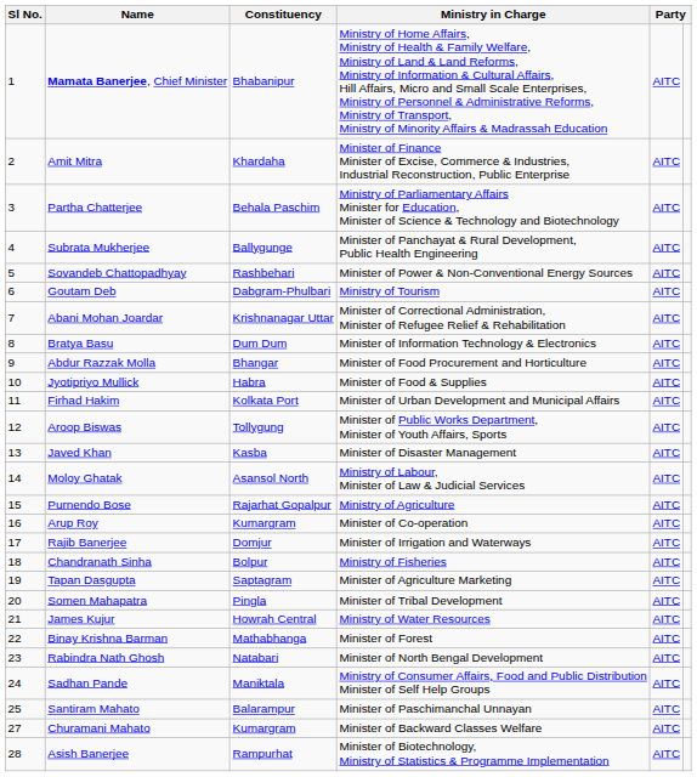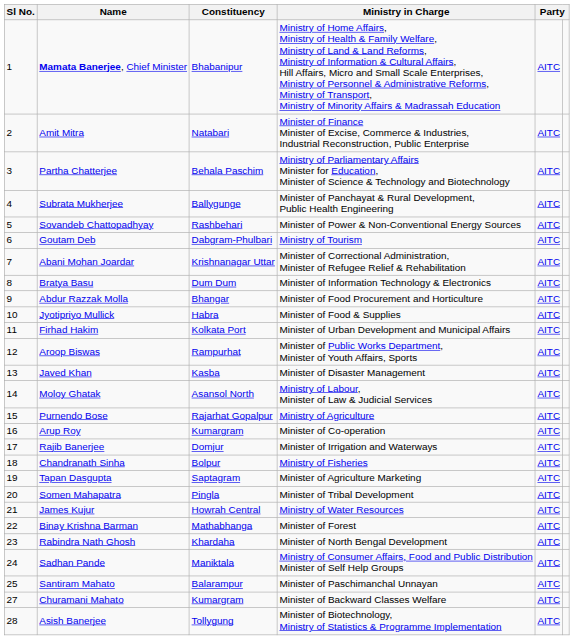 <table class="wikitable">
 <tr>
 <th>Sl No.</th>
 <th>Name</th>
 <th>Constituency</th>
 <th>Ministry in Charge</th>
 <th colspan="2" scope="col">Party</th>
 </tr>
 <tr>
 <td>1</td>
 <td><strong><a href='#'>Mamata Banerjee</a></strong>, <a href='#'>Chief Minister</a></td>
 <td><a href='#'>Bhabanipur</a></td>
 <td><a href='#'>Ministry of Home Affairs</a>,<br> <a href='#'>Ministry of Health & Family Welfare</a>,<br> <a href='#'>Ministry of Land & Land Reforms</a>,<br> <a href='#'>Ministry of Information & Cultural Affairs</a>,<br> Hill Affairs, Micro and Small Scale Enterprises,<br> <a href='#'>Ministry of Personnel & Administrative Reforms</a>,<br> <a href='#'>Ministry of Transport</a>,<br> <a href='#'>Ministry of Minority Affairs & Madrassah Education</a></td>
 <td><a href='#'>AITC</a></td>
 <td width="4px" style="background-color: "></td>
 </tr>
 <tr>
 <td>2</td>
 <td><a href='#'>Amit Mitra</a></td>
-<td><a href='#'>Khardaha</a></td>
+<td><a href='#'>Natabari</a></td>
 <td><a href='#'>Minister of Finance</a><br>Minister of Excise, Commerce & Industries,<br> Industrial Reconstruction, Public Enterprise</td>
 <td><a href='#'>AITC</a></td>
 <td width="4px" style="background-color: "></td>
 </tr>
 <tr>
 <td>3</td>
 <td><a href='#'>Partha Chatterjee</a></td>
 <td><a href='#'>Behala Paschim</a></td>
 <td><a href='#'>Ministry of Parliamentary Affairs</a><br>Minister for <a href='#'>Education</a>,<br>Minister of Science & Technology and Biotechnology</td>
 <td><a href='#'>AITC</a></td>
 <td width="4px" style="background-color: "></td>
 </tr>
 <tr>
 <td>4</td>
 <td><a href='#'>Subrata Mukherjee</a></td>
 <td><a href='#'>Ballygunge</a></td>
 <td>Minister of Panchayat & Rural Development,<br>Public Health Engineering</td>
 <td><a href='#'>AITC</a></td>
 <td width="4px" style="background-color: "></td>
 </tr>
 <tr>
 <td>5</td>
 <td><a href='#'>Sovandeb Chattopadhyay</a></td>
 <td><a href='#'>Rashbehari</a></td>
 <td>Minister of Power & Non-Conventional Energy Sources</td>
 <td><a href='#'>AITC</a></td>
 <td width="4px" style="background-color: "></td>
 </tr>
 <tr>
 <td>6</td>
 <td><a href='#'>Goutam Deb</a></td>
 <td><a href='#'>Dabgram-Phulbari</a></td>
 <td><a href='#'>Ministry of Tourism</a></td>
 <td><a href='#'>AITC</a></td>
 <td width="4px" style="background-color: "></td>
 </tr>
 <tr>
 <td>7</td>
 <td><a href='#'>Abani Mohan Joardar</a></td>
 <td><a href='#'>Krishnanagar Uttar</a></td>
 <td>Minister of Correctional Administration,<br> Minister of Refugee Relief & Rehabilitation</td>
 <td><a href='#'>AITC</a></td>
 <td width="4px" style="background-color: "></td>
 </tr>
 <tr>
 <td>8</td>
 <td><a href='#'>Bratya Basu</a></td>
 <td><a href='#'>Dum Dum</a></td>
 <td>Minister of Information Technology & Electronics</td>
 <td><a href='#'>AITC</a></td>
 <td width="4px" style="background-color: "></td>
 </tr>
 <tr>
 <td>9</td>
 <td><a href='#'>Abdur Razzak Molla</a></td>
 <td><a href='#'>Bhangar</a></td>
 <td>Minister of Food Procurement and Horticulture</td>
 <td><a href='#'>AITC</a></td>
 <td width="4px" style="background-color: "></td>
 </tr>
 <tr>
 <td>10</td>
 <td><a href='#'>Jyotipriyo Mullick</a></td>
 <td><a href='#'>Habra</a></td>
 <td>Minister of Food & Supplies</td>
 <td><a href='#'>AITC</a></td>
 <td width="4px" style="background-color: "></td>
 </tr>
 <tr>
 <td>11</td>
 <td><a href='#'>Firhad Hakim</a></td>
 <td><a href='#'>Kolkata Port</a></td>
 <td>Minister of Urban Development and Municipal Affairs</td>
 <td><a href='#'>AITC</a></td>
 <td width="4px" style="background-color: "></td>
 </tr>
 <tr>
 <td>12</td>
 <td><a href='#'>Aroop Biswas</a></td>
-<td><a href='#'>Tollygung</a></td>
+<td><a href='#'>Rampurhat</a></td>
 <td>Minister of <a href='#'>Public Works Department</a>,<br>Minister of Youth Affairs, Sports</td>
 <td><a href='#'>AITC</a></td>
 <td width="4px" style="background-color: "></td>
 </tr>
 <tr>
 <td>13</td>
 <td><a href='#'>Javed Khan</a></td>
 <td><a href='#'>Kasba</a></td>
 <td>Minister of Disaster Management</td>
 <td><a href='#'>AITC</a></td>
 <td width="4px" style="background-color: "></td>
 </tr>
 <tr>
 <td>14</td>
 <td><a href='#'>Moloy Ghatak</a></td>
 <td><a href='#'>Asansol North</a></td>
 <td><a href='#'>Ministry of Labour</a>,<br>Minister of Law & Judicial Services</td>
 <td><a href='#'>AITC</a></td>
 <td width="4px" style="background-color: "></td>
 </tr>
 <tr>
 <td>15</td>
 <td><a href='#'>Purnendo Bose</a></td>
 <td><a href='#'>Rajarhat Gopalpur</a></td>
 <td><a href='#'>Ministry of Agriculture</a></td>
 <td><a href='#'>AITC</a></td>
 <td width="4px" style="background-color: "></td>
 </tr>
 <tr>
 <td>16</td>
 <td><a href='#'>Arup Roy</a></td>
 <td><a href='#'>Kumargram</a></td>
 <td>Minister of Co-operation</td>
 <td><a href='#'>AITC</a></td>
 <td width="4px" style="background-color: "></td>
 </tr>
 <tr>
 <td>17</td>
 <td><a href='#'>Rajib Banerjee</a></td>
 <td><a href='#'>Domjur</a></td>
 <td>Minister of Irrigation and Waterways</td>
 <td><a href='#'>AITC</a></td>
 <td width="4px" style="background-color: "></td>
 </tr>
 <tr>
 <td>18</td>
 <td><a href='#'>Chandranath Sinha</a></td>
 <td><a href='#'>Bolpur</a></td>
 <td><a href='#'>Ministry of Fisheries</a></td>
 <td><a href='#'>AITC</a></td>
 <td width="4px" style="background-color: "></td>
 </tr>
 <tr>
 <td>19</td>
 <td><a href='#'>Tapan Dasgupta</a></td>
 <td><a href='#'>Saptagram</a></td>
 <td>Minister of Agriculture Marketing</td>
 <td><a href='#'>AITC</a></td>
 <td width="4px" style="background-color: "></td>
 </tr>
 <tr>
 <td>20</td>
 <td><a href='#'>Somen Mahapatra</a></td>
 <td><a href='#'>Pingla</a></td>
 <td>Minister of Tribal Development</td>
 <td><a href='#'>AITC</a></td>
 <td width="4px" style="background-color: "></td>
 </tr>
 <tr>
 <td>21</td>
 <td><a href='#'>James Kujur</a></td>
 <td><a href='#'>Howrah Central</a></td>
 <td><a href='#'>Ministry of Water Resources</a></td>
 <td><a href='#'>AITC</a></td>
 <td width="4px" style="background-color: "></td>
 </tr>
 <tr>
 <td>22</td>
 <td><a href='#'>Binay Krishna Barman</a></td>
 <td><a href='#'>Mathabhanga</a></td>
 <td>Minister of Forest</td>
 <td><a href='#'>AITC</a></td>
 <td width="4px" style="background-color: "></td>
 </tr>
 <tr>
 <td>23</td>
 <td><a href='#'>Rabindra Nath Ghosh</a></td>
-<td><a href='#'>Natabari</a></td>
+<td><a href='#'>Khardaha</a></td>
 <td>Minister of North Bengal Development</td>
 <td><a href='#'>AITC</a></td>
 <td width="4px" style="background-color: "></td>
 </tr>
 <tr>
 <td>24</td>
 <td><a href='#'>Sadhan Pande</a></td>
 <td><a href='#'>Maniktala</a></td>
 <td><a href='#'>Ministry of Consumer Affairs, Food and Public Distribution</a><br>Minister of Self Help Groups</td>
 <td><a href='#'>AITC</a></td>
 <td width="4px" style="background-color: "></td>
 </tr>
 <tr>
 <td>25</td>
 <td><a href='#'>Santiram Mahato</a></td>
 <td><a href='#'>Balarampur</a></td>
 <td>Minister of Paschimanchal Unnayan</td>
 <td><a href='#'>AITC</a></td>
 <td width="4px" style="background-color: "></td>
 </tr>
 <tr>
 <td>27</td>
 <td><a href='#'>Churamani Mahato</a></td>
 <td><a href='#'>Kumargram</a></td>
 <td>Minister of Backward Classes Welfare</td>
 <td><a href='#'>AITC</a></td>
 <td width="4px" style="background-color: "></td>
 </tr>
 <tr>
 <td>28</td>
 <td><a href='#'>Asish Banerjee</a></td>
-<td><a href='#'>Rampurhat</a></td>
+<td><a href='#'>Tollygung</a></td>
 <td>Minister of Biotechnology,<br><a href='#'>Ministry of Statistics & Programme Implementation</a></td>
 <td><a href='#'>AITC</a></td>
 <td width="4px" style="background-color: "></td>
 </tr>
 </table>
